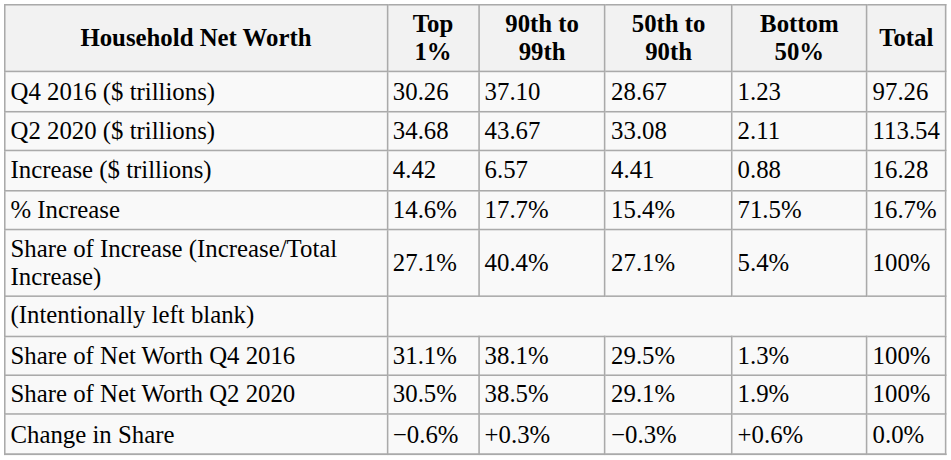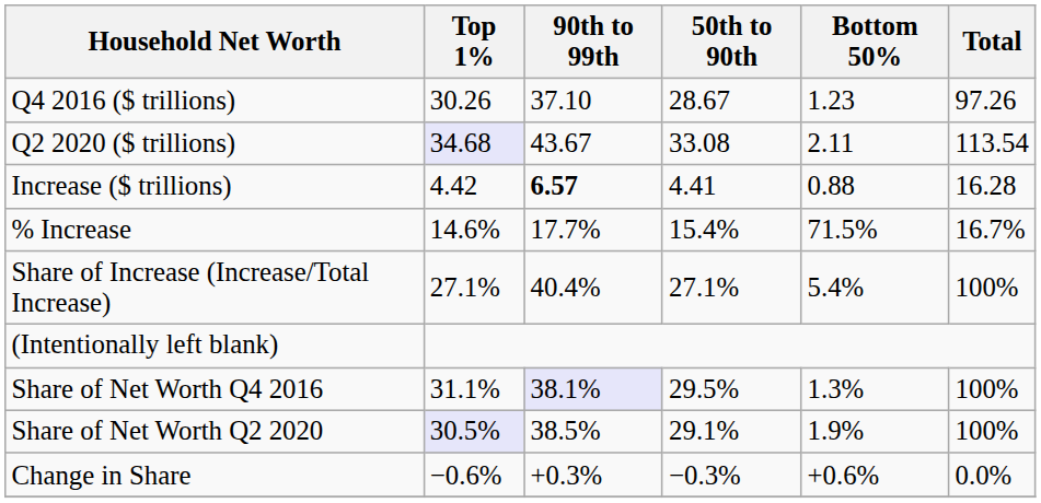 <table class="wikitable">
 <tr>
 <th>Household Net Worth</th>
 <th>Top 1%</th>
 <th>90th to 99th</th>
 <th>50th to 90th</th>
 <th>Bottom 50%</th>
 <th>Total</th>
 </tr>
 <tr>
 <td>Q4 2016 ($ trillions)</td>
 <td>30.26</td>
 <td>37.10</td>
 <td>28.67</td>
 <td>1.23</td>
 <td>97.26</td>
 </tr>
 <tr>
 <td>Q2 2020 ($ trillions)</td>
-<td>34.68</td>
+<td style="background: lavender;">34.68</td>
 <td>43.67</td>
 <td>33.08</td>
 <td>2.11</td>
 <td>113.54</td>
 </tr>
 <tr>
 <td>Increase ($ trillions)</td>
 <td>4.42</td>
-<td>6.57</td>
+<td><strong>6.57</strong></td>
 <td>4.41</td>
 <td>0.88</td>
 <td>16.28</td>
 </tr>
 <tr>
 <td>% Increase</td>
 <td>14.6%</td>
 <td>17.7%</td>
 <td>15.4%</td>
 <td>71.5%</td>
 <td>16.7%</td>
 </tr>
 <tr>
 <td>Share of Increase (Increase/Total Increase)</td>
 <td>27.1%</td>
 <td>40.4%</td>
 <td>27.1%</td>
 <td>5.4%</td>
 <td>100%</td>
 </tr>
 <tr>
 <td>(Intentionally left blank)</td>
 </tr>
 <tr>
 <td>Share of Net Worth Q4 2016</td>
 <td>31.1%</td>
-<td>38.1%</td>
+<td style="background: lavender;">38.1%</td>
 <td>29.5%</td>
 <td>1.3%</td>
 <td>100%</td>
 </tr>
 <tr>
 <td>Share of Net Worth Q2 2020</td>
-<td>30.5%</td>
+<td style="background: lavender;">30.5%</td>
 <td>38.5%</td>
 <td>29.1%</td>
 <td>1.9%</td>
 <td>100%</td>
 </tr>
 <tr>
 <td>Change in Share</td>
 <td>−0.6%</td>
 <td>+0.3%</td>
 <td>−0.3%</td>
 <td>+0.6%</td>
 <td>0.0%</td>
 </tr>
 <tr>
 </tr>
 </table>
